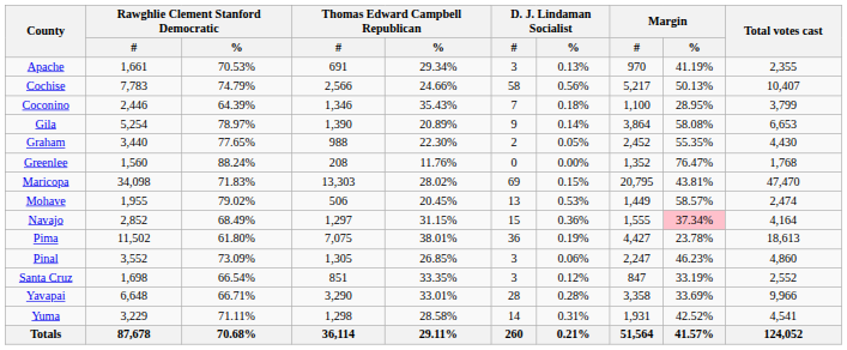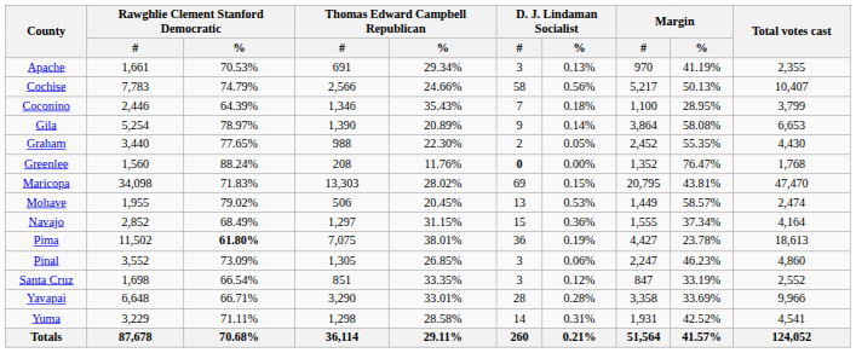 <table width="70%" class="wikitable sortable" style="text-align:center">
 <tr>
 <th rowspan="2">County</th>
 <th style="text-align:center;" colspan="2">Rawghlie Clement Stanford<br>Democratic</th>
 <th style="text-align:center;" colspan="2">Thomas Edward Campbell<br>Republican</th>
 <th style="text-align:center;" colspan="2">D. J. Lindaman<br>Socialist</th>
 <th style="text-align:center;" colspan="2">Margin</th>
 <th style="text-align:center;" rowspan="2">Total votes cast</th>
 </tr>
 <tr>
 <th style="text-align:center;" data-sort-type="number">#</th>
 <th style="text-align:center;" data-sort-type="number">%</th>
 <th style="text-align:center;" data-sort-type="number">#</th>
 <th style="text-align:center;" data-sort-type="number">%</th>
 <th style="text-align:center;" data-sort-type="number">#</th>
 <th style="text-align:center;" data-sort-type="number">%</th>
 <th style="text-align:center;" data-sort-type="number">#</th>
 <th style="text-align:center;" data-sort-type="number">%</th>
 </tr>
 <tr style="text-align:center;">
 <td><a href='#'>Apache</a></td>
 <td>1,661</td>
 <td>70.53%</td>
 <td>691</td>
 <td>29.34%</td>
 <td>3</td>
 <td>0.13%</td>
 <td>970</td>
 <td>41.19%</td>
 <td>2,355</td>
 </tr>
 <tr style="text-align:center;">
 <td><a href='#'>Cochise</a></td>
 <td>7,783</td>
 <td>74.79%</td>
 <td>2,566</td>
 <td>24.66%</td>
 <td>58</td>
 <td>0.56%</td>
 <td>5,217</td>
 <td>50.13%</td>
 <td>10,407</td>
 </tr>
 <tr style="text-align:center;">
 <td><a href='#'>Coconino</a></td>
 <td>2,446</td>
 <td>64.39%</td>
 <td>1,346</td>
 <td>35.43%</td>
 <td>7</td>
 <td>0.18%</td>
 <td>1,100</td>
 <td>28.95%</td>
 <td>3,799</td>
 </tr>
 <tr style="text-align:center;">
 <td><a href='#'>Gila</a></td>
 <td>5,254</td>
 <td>78.97%</td>
 <td>1,390</td>
 <td>20.89%</td>
 <td>9</td>
 <td>0.14%</td>
 <td>3,864</td>
 <td>58.08%</td>
 <td>6,653</td>
 </tr>
 <tr style="text-align:center;">
 <td><a href='#'>Graham</a></td>
 <td>3,440</td>
 <td>77.65%</td>
 <td>988</td>
 <td>22.30%</td>
 <td>2</td>
 <td>0.05%</td>
 <td>2,452</td>
 <td>55.35%</td>
 <td>4,430</td>
 </tr>
 <tr style="text-align:center;">
 <td><a href='#'>Greenlee</a></td>
 <td>1,560</td>
 <td>88.24%</td>
 <td>208</td>
 <td>11.76%</td>
-<td>0</td>
+<td><strong>0</strong></td>
 <td>0.00%</td>
 <td>1,352</td>
 <td>76.47%</td>
 <td>1,768</td>
 </tr>
 <tr style="text-align:center;">
 <td><a href='#'>Maricopa</a></td>
 <td>34,098</td>
 <td>71.83%</td>
 <td>13,303</td>
 <td>28.02%</td>
 <td>69</td>
 <td>0.15%</td>
 <td>20,795</td>
 <td>43.81%</td>
 <td>47,470</td>
 </tr>
 <tr style="text-align:center;">
 <td><a href='#'>Mohave</a></td>
 <td>1,955</td>
 <td>79.02%</td>
 <td>506</td>
 <td>20.45%</td>
 <td>13</td>
 <td>0.53%</td>
 <td>1,449</td>
 <td>58.57%</td>
 <td>2,474</td>
 </tr>
 <tr style="text-align:center;">
 <td><a href='#'>Navajo</a></td>
 <td>2,852</td>
 <td>68.49%</td>
 <td>1,297</td>
 <td>31.15%</td>
 <td>15</td>
 <td>0.36%</td>
 <td>1,555</td>
-<td style="background: pink;">37.34%</td>
+<td>37.34%</td>
 <td>4,164</td>
 </tr>
 <tr style="text-align:center;">
 <td><a href='#'>Pima</a></td>
 <td>11,502</td>
-<td>61.80%</td>
+<td><strong>61.80%</strong></td>
 <td>7,075</td>
 <td>38.01%</td>
 <td>36</td>
 <td>0.19%</td>
 <td>4,427</td>
 <td>23.78%</td>
 <td>18,613</td>
 </tr>
 <tr style="text-align:center;">
 <td><a href='#'>Pinal</a></td>
 <td>3,552</td>
 <td>73.09%</td>
 <td>1,305</td>
 <td>26.85%</td>
 <td>3</td>
 <td>0.06%</td>
 <td>2,247</td>
 <td>46.23%</td>
 <td>4,860</td>
 </tr>
 <tr style="text-align:center;">
 <td><a href='#'>Santa Cruz</a></td>
 <td>1,698</td>
 <td>66.54%</td>
 <td>851</td>
 <td>33.35%</td>
 <td>3</td>
 <td>0.12%</td>
 <td>847</td>
 <td>33.19%</td>
 <td>2,552</td>
 </tr>
 <tr style="text-align:center;">
 <td><a href='#'>Yavapai</a></td>
 <td>6,648</td>
 <td>66.71%</td>
 <td>3,290</td>
 <td>33.01%</td>
 <td>28</td>
 <td>0.28%</td>
 <td>3,358</td>
 <td>33.69%</td>
 <td>9,966</td>
 </tr>
 <tr style="text-align:center;">
 <td><a href='#'>Yuma</a></td>
 <td>3,229</td>
 <td>71.11%</td>
 <td>1,298</td>
 <td>28.58%</td>
 <td>14</td>
 <td>0.31%</td>
 <td>1,931</td>
 <td>42.52%</td>
 <td>4,541</td>
 </tr>
 <tr style="text-align:center;">
 <th>Totals</th>
 <th>87,678</th>
 <th>70.68%</th>
 <th>36,114</th>
 <th>29.11%</th>
 <th>260</th>
 <th>0.21%</th>
 <th>51,564</th>
 <th>41.57%</th>
 <th>124,052</th>
 </tr>
 </table>
